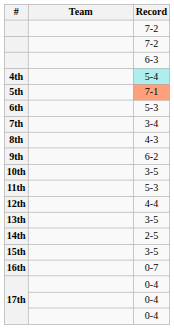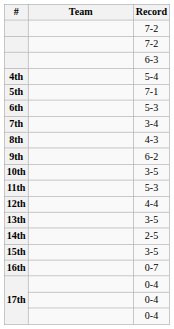 <table class=wikitable>
 <tr>
 <th>#</th>
 <th width=160>Team</th>
 <th>Record</th>
 </tr>
 <tr>
 <th></th>
 <td></td>
 <td align=center>7-2</td>
 </tr>
 <tr>
 <th></th>
 <td></td>
 <td align=center>7-2</td>
 </tr>
 <tr>
 <th></th>
 <td></td>
 <td align=center>6-3</td>
 </tr>
 <tr>
 <th>4th</th>
 <td></td>
-<td align=center style="background: paleturquoise;">5-4</td>
+<td align=center>5-4</td>
 </tr>
 <tr>
 <th>5th</th>
 <td></td>
-<td align=center style="background: lightsalmon;">7-1</td>
+<td align=center>7-1</td>
 </tr>
 <tr>
 <th>6th</th>
 <td></td>
 <td align=center>5-3</td>
 </tr>
 <tr>
 <th>7th</th>
 <td></td>
 <td align=center>3-4</td>
 </tr>
 <tr>
 <th>8th</th>
 <td></td>
 <td align=center>4-3</td>
 </tr>
 <tr>
 <th>9th</th>
 <td></td>
 <td align=center>6-2</td>
 </tr>
 <tr>
 <th>10th</th>
 <td></td>
 <td align=center>3-5</td>
 </tr>
 <tr>
 <th>11th</th>
 <td></td>
 <td align=center>5-3</td>
 </tr>
 <tr>
 <th>12th</th>
 <td></td>
 <td align=center>4-4</td>
 </tr>
 <tr>
 <th>13th</th>
 <td></td>
 <td align=center>3-5</td>
 </tr>
 <tr>
 <th>14th</th>
 <td></td>
 <td align=center>2-5</td>
 </tr>
 <tr>
 <th>15th</th>
 <td></td>
 <td align=center>3-5</td>
 </tr>
 <tr>
 <th>16th</th>
 <td></td>
 <td align=center>0-7</td>
 </tr>
 <tr>
 <th rowspan=3>17th</th>
 <td></td>
 <td align=center>0-4</td>
 </tr>
 <tr>
 <td></td>
 <td align=center>0-4</td>
 </tr>
 <tr>
 <td></td>
 <td align=center>0-4</td>
 </tr>
 </table>
